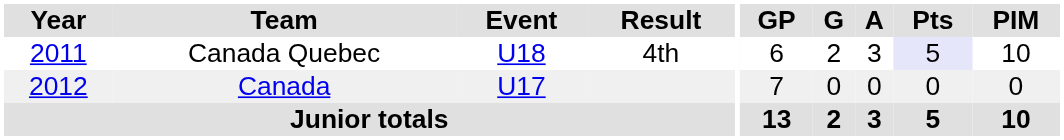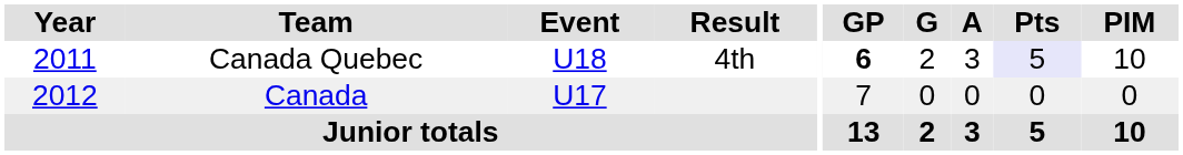 <table border="0" cellpadding="1" cellspacing="0" ID="Table3" style="text-align:center; width:40em">
 <tr ALIGN="centre" bgcolor="#e0e0e0">
 <th>Year</th>
 <th>Team</th>
 <th>Event</th>
 <th>Result</th>
 <th rowspan="99" bgcolor="#ffffff"></th>
 <th>GP</th>
 <th>G</th>
 <th>A</th>
 <th>Pts</th>
 <th>PIM</th>
 </tr>
 <tr>
 <td><a href='#'>2011</a></td>
 <td>Canada Quebec</td>
 <td><a href='#'>U18</a></td>
 <td>4th</td>
-<td>6</td>
+<td><strong>6</strong></td>
 <td>2</td>
 <td>3</td>
 <td style="background: lavender;">5</td>
 <td>10</td>
 </tr>
 <tr bgcolor="#f0f0f0">
 <td><a href='#'>2012</a></td>
 <td><a href='#'>Canada</a></td>
 <td><a href='#'>U17</a></td>
 <td></td>
 <td>7</td>
 <td>0</td>
 <td>0</td>
 <td>0</td>
 <td>0</td>
 </tr>
 <tr bgcolor="#e0e0e0">
 <th colspan="4">Junior totals</th>
 <th>13</th>
 <th>2</th>
 <th>3</th>
 <th>5</th>
 <th>10</th>
 </tr>
 </table>
